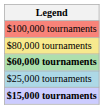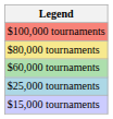 <table class=wikitable style="font-size:85%">
 <tr>
 <th>Legend</th>
 </tr>
 <tr style="background:#f88379;">
 <td>$100,000 tournaments</td>
 </tr>
 <tr style="background:#f7e98e;">
 <td>$80,000 tournaments</td>
 </tr>
 <tr style="background:#addfad;">
-<td><strong>$60,000 tournaments</strong></td>
+<td>$60,000 tournaments</td>
 </tr>
 <tr style="background:lightblue;">
 <td>$25,000 tournaments</td>
 </tr>
 <tr style="background:#ccf;">
-<td><strong>$15,000 tournaments</strong></td>
+<td>$15,000 tournaments</td>
 </tr>
 </table>
